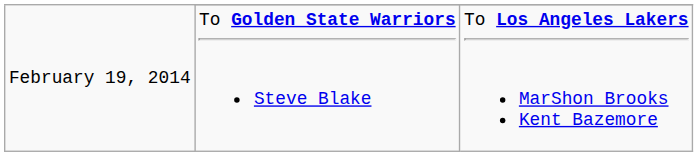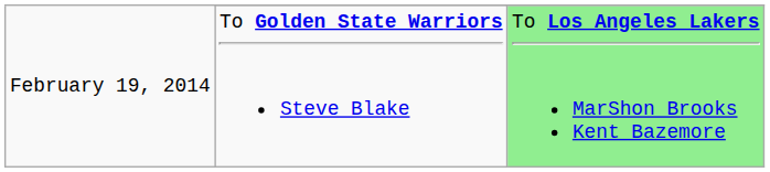 <table class="wikitable" style="text-align:center">
 <tr>
 <td rowspan=3>February 19, 2014</td>
 </tr>
 <tr>
 <td align=left valign=top>To <strong><a href='#'>Golden State Warriors</a></strong><hr><br><ul><li><a href='#'>Steve Blake</a></li></ul></td>
-<td align=left valign=top>To <strong><a href='#'>Los Angeles Lakers</a></strong><hr><br><ul><li><a href='#'>MarShon Brooks</a></li><li><a href='#'>Kent Bazemore</a></li></ul></td>
+<td align=left valign=top style="background: lightgreen;">To <strong><a href='#'>Los Angeles Lakers</a></strong><hr><br><ul><li><a href='#'>MarShon Brooks</a></li><li><a href='#'>Kent Bazemore</a></li></ul></td>
 </tr>
 </table>
